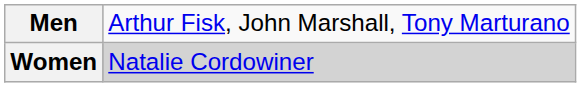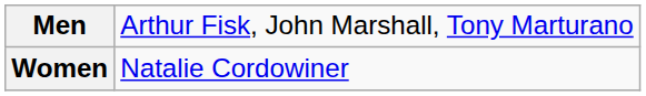 <table class="wikitable">
 <tr>
 <th>Men</th>
 <td><a href='#'>Arthur Fisk</a>, John Marshall, <a href='#'>Tony Marturano</a></td>
 </tr>
 <tr>
 <th>Women</th>
-<td style="background: lightgrey;"><a href='#'>Natalie Cordowiner</a></td>
+<td><a href='#'>Natalie Cordowiner</a></td>
 </tr>
 </table>
